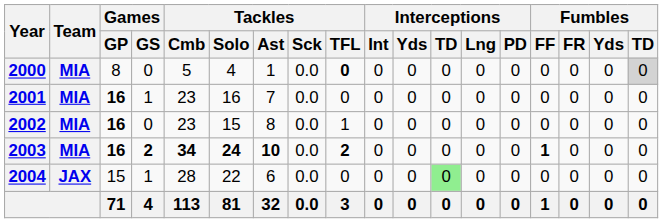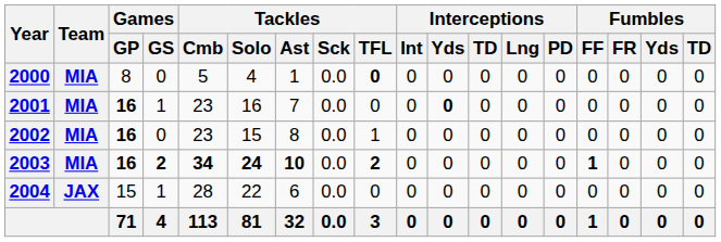 <table class="wikitable" style="text-align:center">
 <tr>
 <th rowspan="2">Year</th>
 <th rowspan="2">Team</th>
 <th colspan="2">Games</th>
 <th colspan="5">Tackles</th>
 <th colspan="5">Interceptions</th>
 <th colspan="4">Fumbles</th>
 </tr>
 <tr>
 <th>GP</th>
 <th>GS</th>
 <th>Cmb</th>
 <th>Solo</th>
 <th>Ast</th>
 <th>Sck</th>
 <th>TFL</th>
 <th>Int</th>
 <th>Yds</th>
 <th>TD</th>
 <th>Lng</th>
 <th>PD</th>
 <th>FF</th>
 <th>FR</th>
 <th>Yds</th>
 <th>TD</th>
 </tr>
 <tr>
 <th><a href='#'>2000</a></th>
 <th><a href='#'>MIA</a></th>
 <td>8</td>
 <td>0</td>
 <td>5</td>
 <td>4</td>
 <td>1</td>
 <td>0.0</td>
 <td><strong>0</strong></td>
 <td>0</td>
 <td>0</td>
 <td>0</td>
 <td>0</td>
 <td>0</td>
 <td>0</td>
 <td>0</td>
 <td>0</td>
-<td style="background: lightgrey;">0</td>
+<td>0</td>
 </tr>
 <tr>
 <th><a href='#'>2001</a></th>
 <th><a href='#'>MIA</a></th>
 <td><strong>16</strong></td>
 <td>1</td>
 <td>23</td>
 <td>16</td>
 <td>7</td>
 <td>0.0</td>
 <td>0</td>
 <td>0</td>
-<td>0</td>
+<td><strong>0</strong></td>
 <td>0</td>
 <td>0</td>
 <td>0</td>
 <td>0</td>
 <td>0</td>
 <td>0</td>
 <td>0</td>
 </tr>
 <tr>
 <th><a href='#'>2002</a></th>
 <th><a href='#'>MIA</a></th>
 <td><strong>16</strong></td>
 <td>0</td>
 <td>23</td>
 <td>15</td>
 <td>8</td>
 <td>0.0</td>
 <td>1</td>
 <td>0</td>
 <td>0</td>
 <td>0</td>
 <td>0</td>
 <td>0</td>
 <td>0</td>
 <td>0</td>
 <td>0</td>
 <td>0</td>
 </tr>
 <tr>
 <th><a href='#'>2003</a></th>
 <th><a href='#'>MIA</a></th>
 <td><strong>16</strong></td>
 <td><strong>2</strong></td>
 <td><strong>34</strong></td>
 <td><strong>24</strong></td>
 <td><strong>10</strong></td>
 <td>0.0</td>
 <td><strong>2</strong></td>
 <td>0</td>
 <td>0</td>
 <td>0</td>
 <td>0</td>
 <td>0</td>
 <td><strong>1</strong></td>
 <td>0</td>
 <td>0</td>
 <td>0</td>
 </tr>
 <tr>
 <th><a href='#'>2004</a></th>
 <th><a href='#'>JAX</a></th>
 <td>15</td>
 <td>1</td>
 <td>28</td>
 <td>22</td>
 <td>6</td>
 <td>0.0</td>
 <td>0</td>
 <td>0</td>
 <td>0</td>
-<td style="background: lightgreen;">0</td>
+<td>0</td>
 <td>0</td>
 <td>0</td>
 <td>0</td>
 <td>0</td>
 <td>0</td>
 <td>0</td>
 </tr>
 <tr>
 <th colspan="2"></th>
 <th>71</th>
 <th>4</th>
 <th>113</th>
 <th>81</th>
 <th>32</th>
 <th>0.0</th>
 <th>3</th>
 <th>0</th>
 <th>0</th>
 <th>0</th>
 <th>0</th>
 <th>0</th>
 <th>1</th>
 <th>0</th>
 <th>0</th>
 <th>0</th>
 </tr>
 </table>
